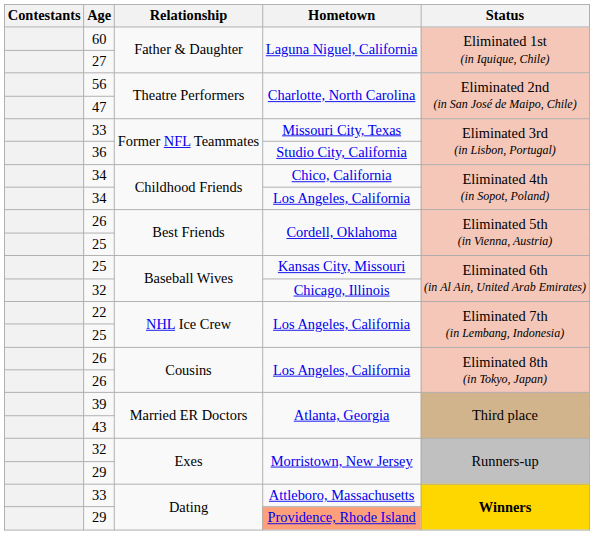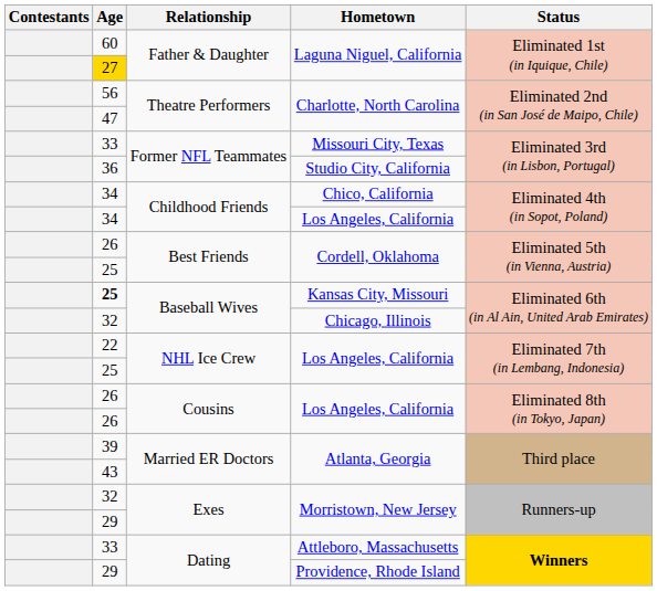 <table class="wikitable sortable" style="text-align:center;">
 <tr>
 <th scope="col">Contestants</th>
 <th scope="col">Age</th>
 <th class="unsortable" scope="col">Relationship</th>
 <th scope="col" class="unsortable">Hometown</th>
 <th scope="col">Status</th>
 </tr>
 <tr>
 <th scope="row"></th>
 <td>60</td>
 <td rowspan="2">Father & Daughter</td>
 <td rowspan="2"><a href='#'>Laguna Niguel, California</a></td>
 <td rowspan="2" bgcolor="f4c7b8">Eliminated 1st<br><small><em>(in Iquique, Chile)</em></small></td>
 </tr>
 <tr>
 <th scope="row"></th>
-<td>27</td>
+<td style="background: gold;">27</td>
 </tr>
 <tr>
 <th scope="row"></th>
 <td>56</td>
 <td rowspan="2">Theatre Performers</td>
 <td rowspan="2"><a href='#'>Charlotte, North Carolina</a></td>
 <td rowspan="2" bgcolor="f4c7b8">Eliminated 2nd<br><small><em>(in San José de Maipo, Chile)</em></small></td>
 </tr>
 <tr>
 <th scope="row"></th>
 <td>47</td>
 </tr>
 <tr>
 <th scope="row"></th>
 <td>33</td>
 <td rowspan="2">Former <a href='#'>NFL</a> Teammates</td>
 <td><a href='#'>Missouri City, Texas</a></td>
 <td rowspan="2" bgcolor="f4c7b8">Eliminated 3rd<br><small><em>(in Lisbon, Portugal)</em></small></td>
 </tr>
 <tr>
 <th scope="row"></th>
 <td>36</td>
 <td><a href='#'>Studio City, California</a></td>
 </tr>
 <tr>
 <th scope="row"></th>
 <td>34</td>
 <td rowspan="2">Childhood Friends</td>
 <td><a href='#'>Chico, California</a></td>
 <td rowspan="2" bgcolor="f4c7b8">Eliminated 4th<br><small><em>(in Sopot, Poland)</em></small></td>
 </tr>
 <tr>
 <th scope="row"></th>
 <td>34</td>
 <td><a href='#'>Los Angeles, California</a></td>
 </tr>
 <tr>
 <th scope="row"></th>
 <td>26</td>
 <td rowspan="2">Best Friends</td>
 <td rowspan="2"><a href='#'>Cordell, Oklahoma</a></td>
 <td rowspan="2" bgcolor="f4c7b8">Eliminated 5th<br><small><em>(in Vienna, Austria)</em></small></td>
 </tr>
 <tr>
 <th scope="row"></th>
 <td>25</td>
 </tr>
 <tr>
 <th scope="row"></th>
-<td>25</td>
+<td><strong>25</strong></td>
 <td rowspan="2">Baseball Wives</td>
 <td><a href='#'>Kansas City, Missouri</a></td>
 <td rowspan="2" bgcolor="f4c7b8">Eliminated 6th<br><small><em>(in Al Ain, United Arab Emirates)</em></small></td>
 </tr>
 <tr>
 <th scope="row"></th>
 <td>32</td>
 <td><a href='#'>Chicago, Illinois</a></td>
 </tr>
 <tr>
 <th scope="row"></th>
 <td>22</td>
 <td rowspan="2"><a href='#'>NHL</a> Ice Crew</td>
 <td rowspan="2"><a href='#'>Los Angeles, California</a></td>
 <td rowspan="2" bgcolor="f4c7b8">Eliminated 7th<br><small><em>(in Lembang, Indonesia)</em></small></td>
 </tr>
 <tr>
 <th scope="row"></th>
 <td>25</td>
 </tr>
 <tr>
 <th scope="row"></th>
 <td>26</td>
 <td rowspan="2">Cousins</td>
 <td rowspan="2"><a href='#'>Los Angeles, California</a></td>
 <td rowspan="2" bgcolor="f4c7b8">Eliminated 8th<br><small><em>(in Tokyo, Japan)</em></small></td>
 </tr>
 <tr>
 <th scope="row"></th>
 <td>26</td>
 </tr>
 <tr>
 <th scope="row"></th>
 <td>39</td>
 <td rowspan="2">Married ER Doctors</td>
 <td rowspan="2"><a href='#'>Atlanta, Georgia</a></td>
 <td rowspan="2" bgcolor="tan">Third place</td>
 </tr>
 <tr>
 <th scope="row"></th>
 <td>43</td>
 </tr>
 <tr>
 <th scope="row"></th>
 <td>32</td>
 <td rowspan="2">Exes</td>
 <td rowspan="2"><a href='#'>Morristown, New Jersey</a></td>
 <td rowspan="2" bgcolor="silver">Runners-up</td>
 </tr>
 <tr>
 <th scope="row"></th>
 <td>29</td>
 </tr>
 <tr>
 <th scope="row"></th>
 <td>33</td>
 <td rowspan="2">Dating</td>
 <td><a href='#'>Attleboro, Massachusetts</a></td>
 <td rowspan="2" bgcolor="gold"><strong>Winners</strong></td>
 </tr>
 <tr>
 <th scope="row"></th>
 <td>29</td>
-<td style="background: lightsalmon;"><a href='#'>Providence, Rhode Island</a></td>
+<td><a href='#'>Providence, Rhode Island</a></td>
 </tr>
 </table>
